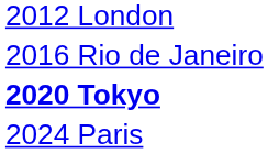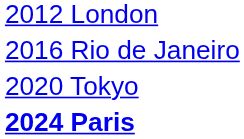 <table>
 <tr>
 <td><a href='#'>2012 London</a><br></td>
 <td></td>
 <td></td>
 <td></td>
 </tr>
 <tr>
 <td><a href='#'>2016 Rio de Janeiro</a><br></td>
 <td></td>
 <td></td>
 <td></td>
 </tr>
 <tr>
-<td><strong><a href='#'>2020 Tokyo</a><br></strong></td>
+<td><a href='#'>2020 Tokyo</a><br></td>
 <td></td>
 <td></td>
 <td></td>
 </tr>
 <tr>
-<td><a href='#'>2024 Paris</a> <br></td>
+<td><strong><a href='#'>2024 Paris</a> <br></strong></td>
 <td></td>
 <td></td>
 <td></td>
 </tr>
 <tr>
 </tr>
 </table>
